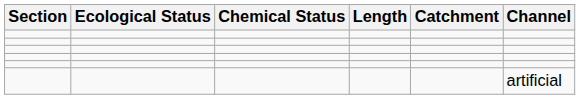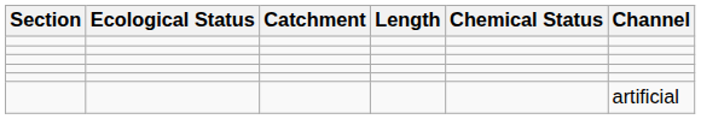 <table class="wikitable">
 <tr>
 <th>Section</th>
 <th>Ecological Status</th>
+<th>Catchment</th>
+<th>Length</th>
 <th>Chemical Status</th>
-<th>Length</th>
-<th>Catchment</th>
 <th>Channel</th>
 </tr>
 <tr>
 <td></td>
 <td></td>
 <td></td>
 <td></td>
 <td></td>
 <td></td>
 </tr>
 <tr>
 <td></td>
 <td></td>
 <td></td>
 <td></td>
 <td></td>
 <td></td>
 </tr>
 <tr>
 <td></td>
 <td></td>
 <td></td>
 <td></td>
 <td></td>
 <td></td>
 </tr>
 <tr>
 <td></td>
 <td></td>
 <td></td>
 <td></td>
 <td></td>
 <td></td>
 </tr>
 <tr>
 <td></td>
 <td></td>
 <td></td>
 <td></td>
 <td></td>
 <td></td>
 </tr>
 <tr>
 <td></td>
 <td></td>
 <td></td>
 <td></td>
 <td></td>
 <td>artificial</td>
 </tr>
 </table>
